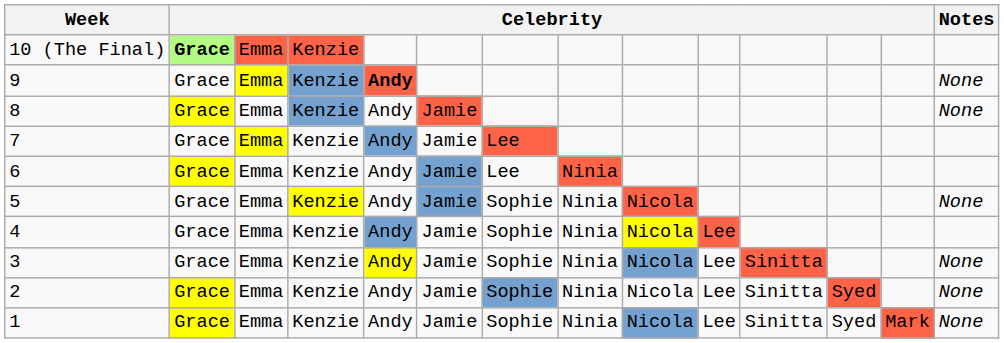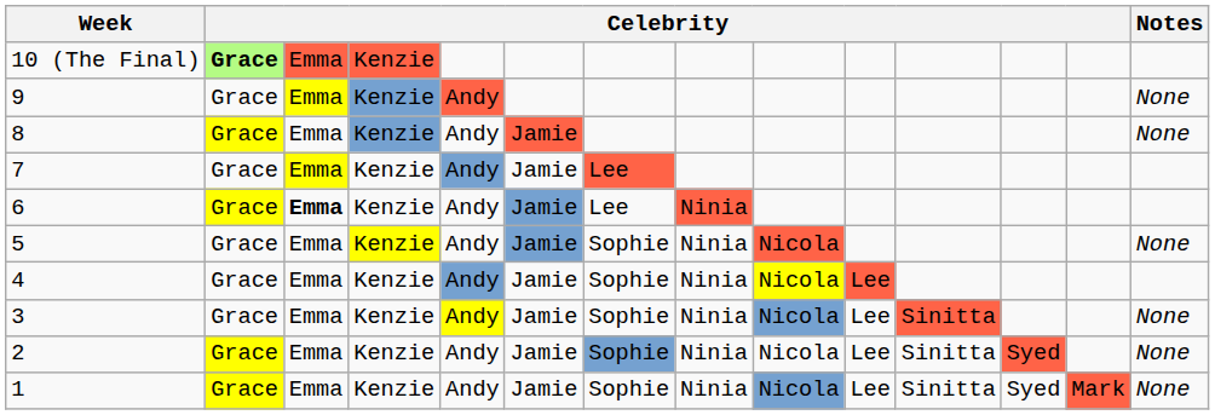 <table class="wikitable">
 <tr>
 <th>Week</th>
 <th colspan=12>Celebrity</th>
 <th>Notes</th>
 </tr>
 <tr>
 <td>10 (The Final)</td>
 <td style="background:#B4FB84;"><strong>Grace</strong></td>
 <td style="background:tomato;">Emma</td>
 <td style="background:tomato;">Kenzie</td>
 <td></td>
 <td></td>
 <td></td>
 <td></td>
 <td></td>
 <td></td>
 <td></td>
 <td></td>
 <td></td>
 <td><em></em></td>
 </tr>
 <tr>
 <td>9</td>
 <td>Grace</td>
 <td style="background:yellow;">Emma</td>
 <td style="background:#75A1D0;">Kenzie</td>
-<td style="background:tomato;"><strong>Andy</strong></td>
+<td style="background:tomato;">Andy</td>
 <td></td>
 <td></td>
 <td></td>
 <td></td>
 <td></td>
 <td></td>
 <td></td>
 <td></td>
 <td><em>None</em></td>
 </tr>
 <tr>
 <td>8</td>
 <td style="background:yellow;">Grace</td>
 <td>Emma</td>
 <td style="background:#75A1D0;">Kenzie</td>
 <td>Andy</td>
 <td style="background:tomato;">Jamie</td>
 <td></td>
 <td></td>
 <td></td>
 <td></td>
 <td></td>
 <td></td>
 <td></td>
 <td><em>None</em></td>
 </tr>
 <tr>
 <td>7</td>
 <td>Grace</td>
 <td style="background:yellow;">Emma</td>
 <td>Kenzie</td>
 <td style="background:#75A1D0;">Andy</td>
 <td>Jamie</td>
 <td style="background:tomato;">Lee</td>
 <td></td>
 <td></td>
 <td></td>
 <td></td>
 <td></td>
 <td></td>
 <td><em></em></td>
 </tr>
 <tr>
 <td>6</td>
 <td style="background:yellow;">Grace</td>
-<td>Emma</td>
+<td><strong>Emma</strong></td>
 <td>Kenzie</td>
 <td>Andy</td>
 <td style="background:#75A1D0;">Jamie</td>
 <td>Lee</td>
 <td style="background:tomato;">Ninia</td>
 <td></td>
 <td></td>
 <td></td>
 <td></td>
 <td></td>
 <td><em></em></td>
 </tr>
 <tr>
 <td>5</td>
 <td>Grace</td>
 <td>Emma</td>
 <td style="background:yellow;">Kenzie</td>
 <td>Andy</td>
 <td style="background:#75A1D0;">Jamie</td>
 <td>Sophie</td>
 <td>Ninia</td>
 <td style="background:tomato;">Nicola</td>
 <td></td>
 <td></td>
 <td></td>
 <td></td>
 <td><em>None</em></td>
 </tr>
 <tr>
 <td>4</td>
 <td>Grace</td>
 <td>Emma</td>
 <td>Kenzie</td>
 <td style="background:#75A1D0;">Andy</td>
 <td>Jamie</td>
 <td>Sophie</td>
 <td>Ninia</td>
 <td style="background:yellow;">Nicola</td>
 <td style="background:tomato;">Lee</td>
 <td></td>
 <td></td>
 <td></td>
 <td><em></em></td>
 </tr>
 <tr>
 <td>3</td>
 <td>Grace</td>
 <td>Emma</td>
 <td>Kenzie</td>
 <td style="background:yellow;">Andy</td>
 <td>Jamie</td>
 <td>Sophie</td>
 <td>Ninia</td>
 <td style="background:#75A1D0;">Nicola</td>
 <td>Lee</td>
 <td style="background:tomato;">Sinitta</td>
 <td></td>
 <td></td>
 <td><em>None</em></td>
 </tr>
 <tr>
 <td>2</td>
 <td style="background:yellow;">Grace</td>
 <td>Emma</td>
 <td>Kenzie</td>
 <td>Andy</td>
 <td>Jamie</td>
 <td style="background:#75A1D0;">Sophie</td>
 <td>Ninia</td>
 <td>Nicola</td>
 <td>Lee</td>
 <td>Sinitta</td>
 <td style="background:tomato;">Syed</td>
 <td></td>
 <td><em>None</em></td>
 </tr>
 <tr>
 <td>1</td>
 <td style="background:yellow;">Grace</td>
 <td>Emma</td>
 <td>Kenzie</td>
 <td>Andy</td>
 <td>Jamie</td>
 <td>Sophie</td>
 <td>Ninia</td>
 <td style="background:#75A1D0;">Nicola</td>
 <td>Lee</td>
 <td>Sinitta</td>
 <td>Syed</td>
 <td style="background:tomato;">Mark</td>
 <td><em>None</em></td>
 </tr>
 </table>
